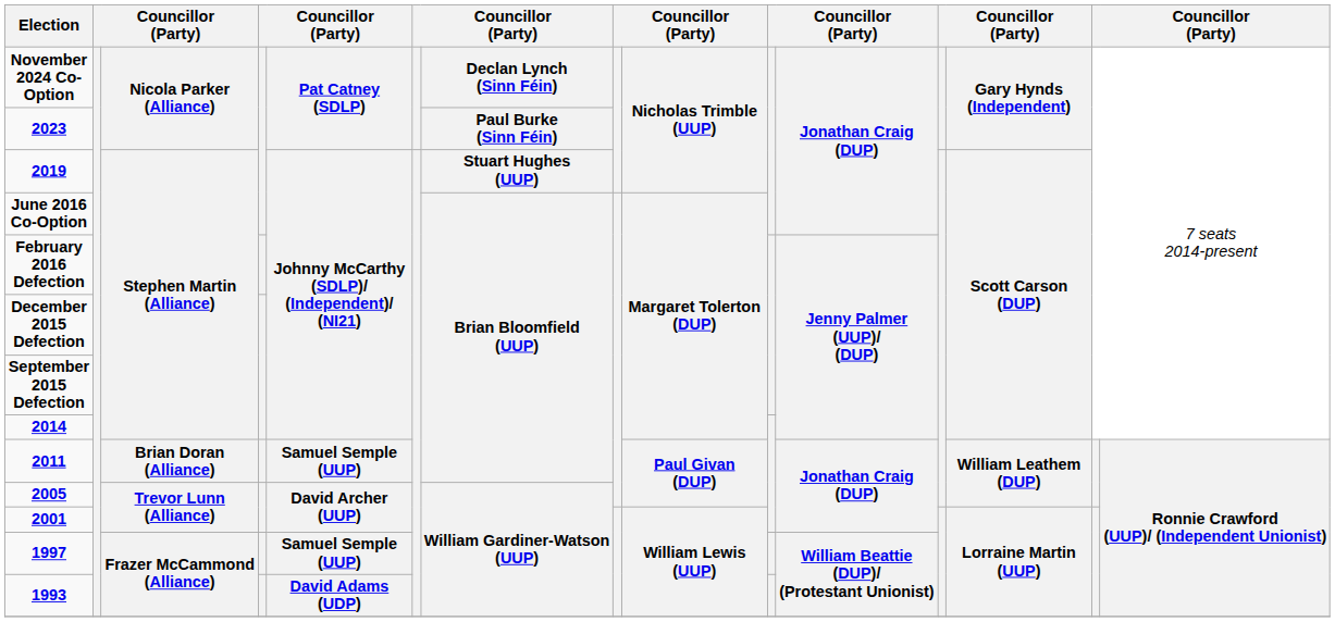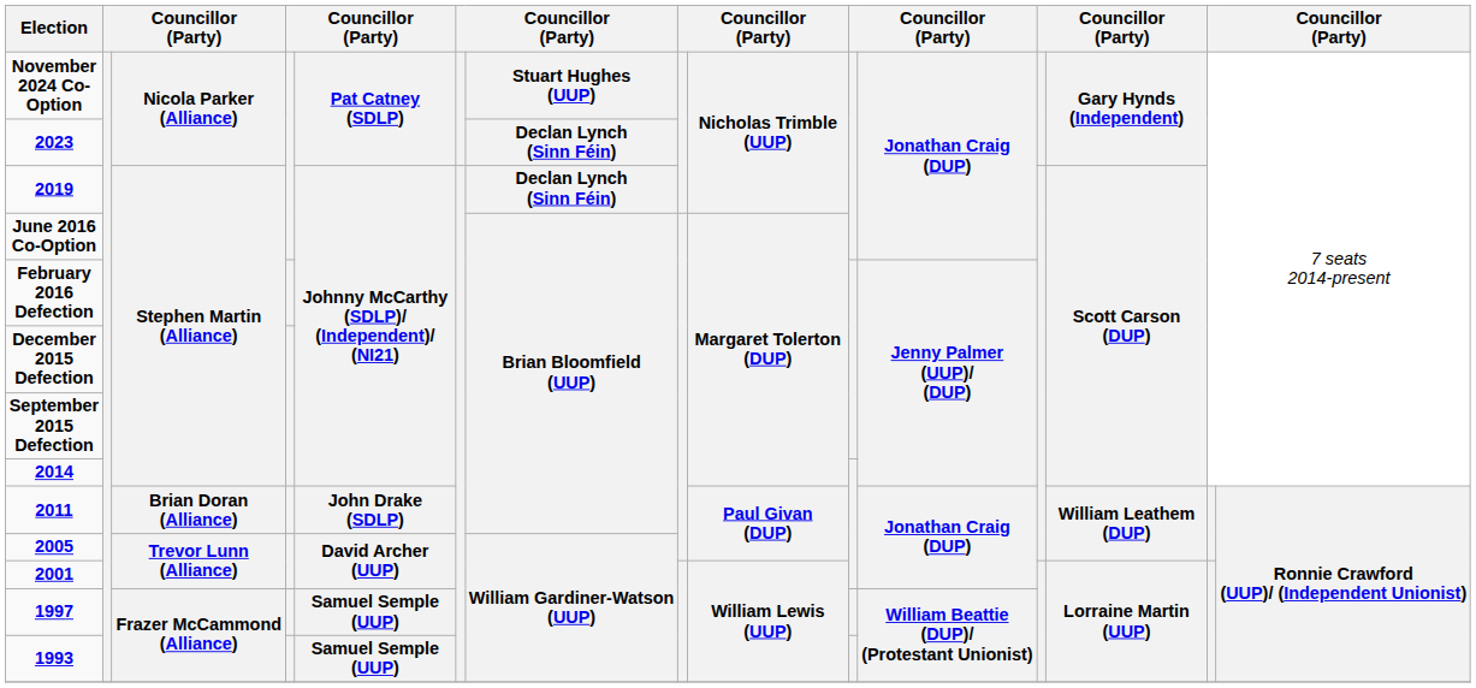 <table class="wikitable" style="text-align:center">
 <tr>
 <th scope="col" width="50">Election</th>
 <th scope="col" width="150" colspan = "2">Councillor<br> (Party)</th>
 <th scope="col" width="150" colspan = "2">Councillor<br> (Party)</th>
 <th scope="col" width="150" colspan = "2">Councillor<br> (Party)</th>
 <th scope="col" width="150" colspan = "2">Councillor<br> (Party)</th>
 <th scope="col" width="150" colspan = "2">Councillor<br> (Party)</th>
 <th scope="col" width="150" colspan = "2">Councillor<br> (Party)</th>
 <th scope="col" width="150" colspan = "2">Councillor<br> (Party)</th>
 </tr>
 <tr>
 <td><strong>November 2024 Co-Option</strong></td>
 <th rowspan="13" width="1" style="background-color: "></th>
 <th rowspan = "2">Nicola Parker <br> (<a href='#'>Alliance</a>)</th>
 <th rowspan="4" width="1" style="background-color: "></th>
 <th rowspan = "2"><a href='#'>Pat Catney</a> <br> (<a href='#'>SDLP</a>)</th>
 <th rowspan="2" width="1" style="background-color: "></th>
-<th rowspan = "1">Declan Lynch <br> (<a href='#'>Sinn Féin</a>)</th>
+<th rowspan = "1">Stuart Hughes <br> (<a href='#'>UUP</a>)</th>
 <th rowspan="3" width="1" style="background-color: "></th>
 <th rowspan = "3">Nicholas Trimble <br> (<a href='#'>UUP</a>)</th>
 <th rowspan="4" width="1" style="background-color: "></th>
 <th rowspan = "4"><a href='#'>Jonathan Craig</a> <br> (<a href='#'>DUP</a>)</th>
 <th rowspan="2" width="1" style="background-color: "></th>
 <th rowspan = "2">Gary Hynds <br> (<a href='#'>Independent</a>)</th>
 <td colspan="2" rowspan="8" style="background-color:#FFFFFF"><em>7 seats<br>2014-present</em></td>
 </tr>
 <tr>
 <td><strong><a href='#'>2023</a></strong></td>
-<th rowspan = "1">Paul Burke <br> (<a href='#'>Sinn Féin</a>)</th>
+<th rowspan = "1">Declan Lynch <br> (<a href='#'>Sinn Féin</a>)</th>
 </tr>
 <tr>
 <td><strong><a href='#'>2019</a></strong></td>
 <th rowspan = "6">Stephen Martin <br> (<a href='#'>Alliance</a>)</th>
 <th rowspan = "6">Johnny McCarthy <br> (<a href='#'>SDLP</a>)/ <br> (<a href='#'>Independent</a>)/ <br> (<a href='#'>NI21</a>)</th>
 <th rowspan="11" width="1" style="background-color: "></th>
-<th rowspan = "1">Stuart Hughes <br> (<a href='#'>UUP</a>)</th>
+<th rowspan = "1">Declan Lynch <br> (<a href='#'>Sinn Féin</a>)</th>
 <th rowspan="8" width="1" style="background-color: "></th>
 <th rowspan = "6">Scott Carson <br> (<a href='#'>DUP</a>)</th>
 </tr>
 <tr>
 <td><strong>June 2016 Co-Option</strong></td>
 <th rowspan = "6">Brian Bloomfield <br> (<a href='#'>UUP</a>)</th>
 <th rowspan="7" width="1" style="background-color: "></th>
 <th rowspan = "5">Margaret Tolerton <br> (<a href='#'>DUP</a>)</th>
 </tr>
 <tr>
 <td><strong>February 2016 Defection</strong></td>
 <th rowspan="1" width="1" style="background-color: "></th>
 <th rowspan="3" width="1" style="background-color: "></th>
 <th rowspan = "4"><a href='#'>Jenny Palmer</a> <br> (<a href='#'>UUP</a>)/ <br> (<a href='#'>DUP</a>)</th>
 </tr>
 <tr>
 <td><strong>December 2015 Defection</strong></td>
 <th rowspan="3" width="1" style="background-color: "></th>
 </tr>
 <tr>
 <td><strong>September 2015 Defection</strong></td>
 </tr>
 <tr>
 <td><strong><a href='#'>2014</a></strong></td>
 <th rowspan="4" width="1" style="background-color: "></th>
 </tr>
 <tr>
 <td><strong><a href='#'>2011</a></strong></td>
 <th rowspan = "1">Brian Doran <br> (<a href='#'>Alliance</a>)</th>
 <th rowspan="1" width="1" style="background-color: "></th>
-<th rowspan = "1">Samuel Semple <br> (<a href='#'>UUP</a>)</th>
+<th rowspan = "1">John Drake <br> (<a href='#'>SDLP</a>)</th>
 <th rowspan = "2"><a href='#'>Paul Givan</a> <br> (<a href='#'>DUP</a>)</th>
 <th rowspan = "3"><a href='#'>Jonathan Craig</a> <br> (<a href='#'>DUP</a>)</th>
 <th rowspan = "2">William Leathem <br> (<a href='#'>DUP</a>)</th>
 <th rowspan="2" width="1" style="background-color: "></th>
 <th rowspan = "5">Ronnie Crawford <br> (<a href='#'>UUP</a>)/ (<a href='#'>Independent Unionist</a>)</th>
 </tr>
 <tr>
 <td><strong><a href='#'>2005</a></strong></td>
 <th rowspan = "2"><a href='#'>Trevor Lunn</a> <br> (<a href='#'>Alliance</a>)</th>
 <th rowspan="2" width="1" style="background-color: "></th>
 <th rowspan = "2">David Archer <br> (<a href='#'>UUP</a>)</th>
 <th rowspan = "4">William Gardiner-Watson <br> (<a href='#'>UUP</a>)</th>
 </tr>
 <tr>
 <td><strong><a href='#'>2001</a></strong></td>
 <th rowspan="3" width="1" style="background-color: "></th>
 <th rowspan = "3">William Lewis <br> (<a href='#'>UUP</a>)</th>
 <th rowspan="3" width="1" style="background-color: "></th>
 <th rowspan = "3">Lorraine Martin <br> (<a href='#'>UUP</a>)</th>
 <th rowspan="3" width="1" style="background-color: "></th>
 </tr>
 <tr>
 <td><strong><a href='#'>1997</a></strong></td>
 <th rowspan = "2">Frazer McCammond <br> (<a href='#'>Alliance</a>)</th>
 <th rowspan="1" width="1" style="background-color: "></th>
 <th rowspan = "1">Samuel Semple <br> (<a href='#'>UUP</a>)</th>
 <th rowspan="1" width="1" style="background-color: "></th>
 <th rowspan = "2"><a href='#'>William Beattie</a> <br> (<a href='#'>DUP</a>)/ <br> (Protestant Unionist)</th>
 </tr>
 <tr>
 <td><strong><a href='#'>1993</a></strong></td>
 <th rowspan="1" width="1" style="background-color: "></th>
-<th rowspan = "1"><a href='#'>David Adams</a> <br> (<a href='#'>UDP</a>)</th>
+<th rowspan = "1">Samuel Semple <br> (<a href='#'>UUP</a>)</th>
 <th rowspan="1" width="1" style="background-color: "></th>
 </tr>
 <tr>
 </tr>
 </table>
